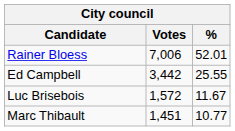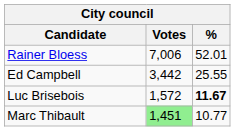 <table class="wikitable">
 <tr>
 <th colspan="3">City council</th>
 </tr>
 <tr>
 <th style="width: 170px">Candidate</th>
 <th style="width: 50px">Votes</th>
 <th style="width: 40px">%</th>
 </tr>
 <tr>
 <td><a href='#'>Rainer Bloess</a></td>
 <td>7,006</td>
 <td>52.01</td>
 </tr>
 <tr>
 <td>Ed Campbell</td>
 <td>3,442</td>
 <td>25.55</td>
 </tr>
 <tr>
 <td>Luc Brisebois</td>
 <td>1,572</td>
-<td>11.67</td>
+<td><strong>11.67</strong></td>
 </tr>
 <tr>
 <td>Marc Thibault</td>
-<td>1,451</td>
+<td style="background: lightgreen;">1,451</td>
 <td>10.77</td>
 </tr>
 </table>
